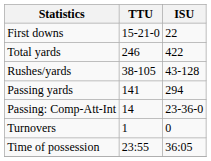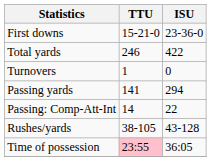 <table class="wikitable" style="float: left;">
 <tr>
 <th>Statistics</th>
 <th>TTU</th>
 <th>ISU</th>
 </tr>
 <tr>
 <td>First downs</td>
 <td>15-21-0</td>
-<td>22</td>
+<td>23-36-0</td>
 </tr>
 <tr>
 <td>Total yards</td>
 <td>246</td>
 <td>422</td>
 </tr>
 <tr>
-<td>Rushes/yards</td>
-<td>38-105</td>
-<td>43-128</td>
+<td>Turnovers</td>
+<td>1</td>
+<td>0</td>
 </tr>
 <tr>
 <td>Passing yards</td>
 <td>141</td>
 <td>294</td>
 </tr>
 <tr>
 <td>Passing: Comp-Att-Int</td>
 <td>14</td>
-<td>23-36-0</td>
+<td>22</td>
 </tr>
 <tr>
-<td>Turnovers</td>
-<td>1</td>
-<td>0</td>
+<td>Rushes/yards</td>
+<td>38-105</td>
+<td>43-128</td>
 </tr>
 <tr>
 <td>Time of possession</td>
-<td>23:55</td>
+<td style="background: pink;">23:55</td>
 <td>36:05</td>
 </tr>
 <tr>
 </tr>
 </table>
